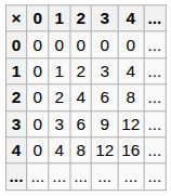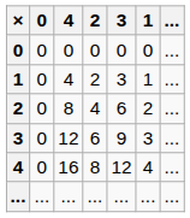 <table class="wikitable" style="display:inline-table; text-align:center; margin: 1em .8em 1em 1.6em;">
 <tr>
 <th>×</th>
 <th>0</th>
-<th>1</th>
+<th>4</th>
 <th>2</th>
 <th>3</th>
-<th>4</th>
+<th>1</th>
 <th>...</th>
 </tr>
 <tr>
 <th>0</th>
 <td>0</td>
 <td>0</td>
 <td>0</td>
 <td>0</td>
 <td>0</td>
 <td>...</td>
 </tr>
 <tr>
 <th>1</th>
 <td>0</td>
-<td>1</td>
+<td>4</td>
 <td>2</td>
 <td>3</td>
-<td>4</td>
+<td>1</td>
 <td>...</td>
 </tr>
 <tr>
 <th>2</th>
 <td>0</td>
-<td>2</td>
+<td>8</td>
 <td>4</td>
 <td>6</td>
-<td>8</td>
+<td>2</td>
 <td>...</td>
 </tr>
 <tr>
 <th>3</th>
 <td>0</td>
-<td>3</td>
+<td>12</td>
 <td>6</td>
 <td>9</td>
-<td>12</td>
+<td>3</td>
 <td>...</td>
 </tr>
 <tr>
 <th scope="row">4</th>
 <td>0</td>
-<td>4</td>
+<td>16</td>
 <td>8</td>
 <td>12</td>
-<td>16</td>
+<td>4</td>
 <td>...</td>
 </tr>
 <tr>
 <th scope="row">...</th>
 <td>...</td>
 <td>...</td>
 <td>...</td>
 <td>...</td>
 <td>...</td>
 <td>...</td>
 </tr>
 </table>
